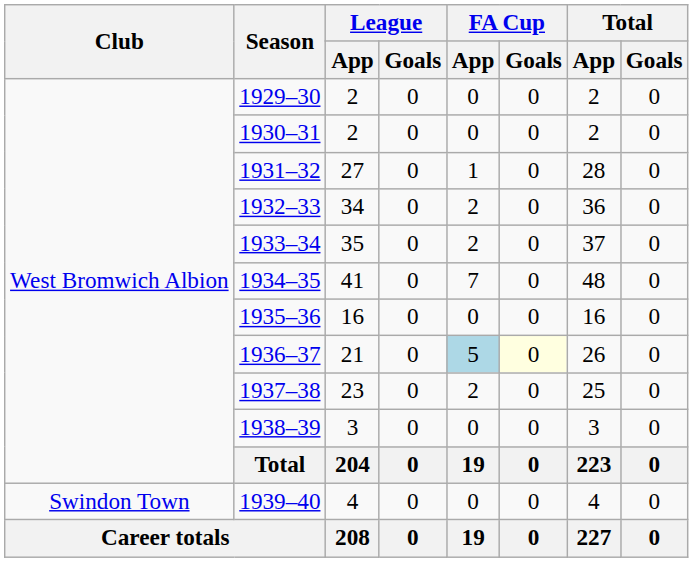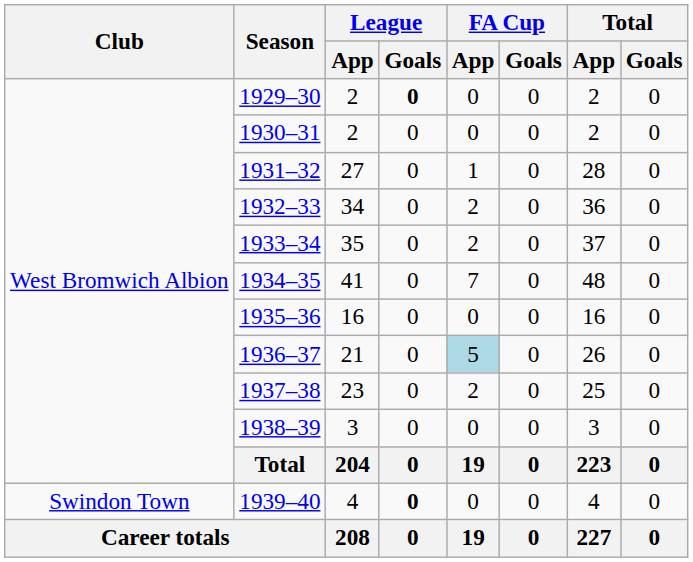 <table class="wikitable" style="text-align:center">
 <tr>
 <th rowspan="2">Club</th>
 <th rowspan="2">Season</th>
 <th colspan="2"><a href='#'>League</a></th>
 <th colspan="2"><a href='#'>FA Cup</a></th>
 <th colspan="2">Total</th>
 </tr>
 <tr>
 <th>App</th>
 <th>Goals</th>
 <th>App</th>
 <th>Goals</th>
 <th>App</th>
 <th>Goals</th>
 </tr>
 <tr>
 <td rowspan="11"><a href='#'>West Bromwich Albion</a></td>
 <td><a href='#'>1929–30</a></td>
 <td>2</td>
-<td>0</td>
+<td><strong>0</strong></td>
 <td>0</td>
 <td>0</td>
 <td>2</td>
 <td>0</td>
 </tr>
 <tr>
 <td><a href='#'>1930–31</a></td>
 <td>2</td>
 <td>0</td>
 <td>0</td>
 <td>0</td>
 <td>2</td>
 <td>0</td>
 </tr>
 <tr>
 <td><a href='#'>1931–32</a></td>
 <td>27</td>
 <td>0</td>
 <td>1</td>
 <td>0</td>
 <td>28</td>
 <td>0</td>
 </tr>
 <tr>
 <td><a href='#'>1932–33</a></td>
 <td>34</td>
 <td>0</td>
 <td>2</td>
 <td>0</td>
 <td>36</td>
 <td>0</td>
 </tr>
 <tr>
 <td><a href='#'>1933–34</a></td>
 <td>35</td>
 <td>0</td>
 <td>2</td>
 <td>0</td>
 <td>37</td>
 <td>0</td>
 </tr>
 <tr>
 <td><a href='#'>1934–35</a></td>
 <td>41</td>
 <td>0</td>
 <td>7</td>
 <td>0</td>
 <td>48</td>
 <td>0</td>
 </tr>
 <tr>
 <td><a href='#'>1935–36</a></td>
 <td>16</td>
 <td>0</td>
 <td>0</td>
 <td>0</td>
 <td>16</td>
 <td>0</td>
 </tr>
 <tr>
 <td><a href='#'>1936–37</a></td>
 <td>21</td>
 <td>0</td>
 <td style="background: lightblue;">5</td>
-<td style="background: lightyellow;">0</td>
+<td>0</td>
 <td>26</td>
 <td>0</td>
 </tr>
 <tr>
 <td><a href='#'>1937–38</a></td>
 <td>23</td>
 <td>0</td>
 <td>2</td>
 <td>0</td>
 <td>25</td>
 <td>0</td>
 </tr>
 <tr>
 <td><a href='#'>1938–39</a></td>
 <td>3</td>
 <td>0</td>
 <td>0</td>
 <td>0</td>
 <td>3</td>
 <td>0</td>
 </tr>
 <tr>
 <th>Total</th>
 <th>204</th>
 <th>0</th>
 <th>19</th>
 <th>0</th>
 <th>223</th>
 <th>0</th>
 </tr>
 <tr>
 <td><a href='#'>Swindon Town</a></td>
 <td><a href='#'>1939–40</a></td>
 <td>4</td>
-<td>0</td>
+<td><strong>0</strong></td>
 <td>0</td>
 <td>0</td>
 <td>4</td>
 <td>0</td>
 </tr>
 <tr>
 <th colspan="2">Career totals</th>
 <th>208</th>
 <th>0</th>
 <th>19</th>
 <th>0</th>
 <th>227</th>
 <th>0</th>
 </tr>
 </table>
